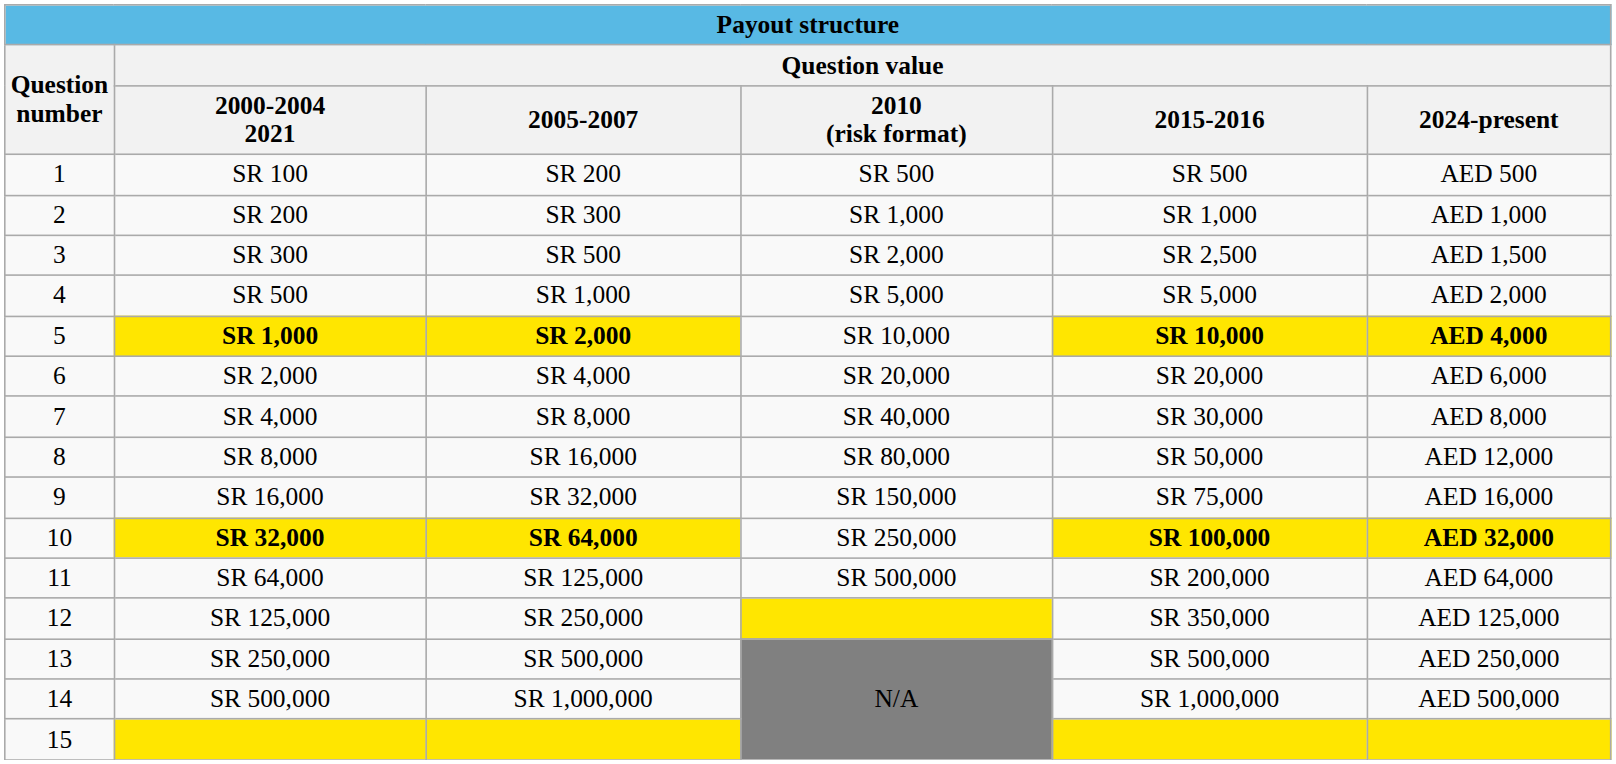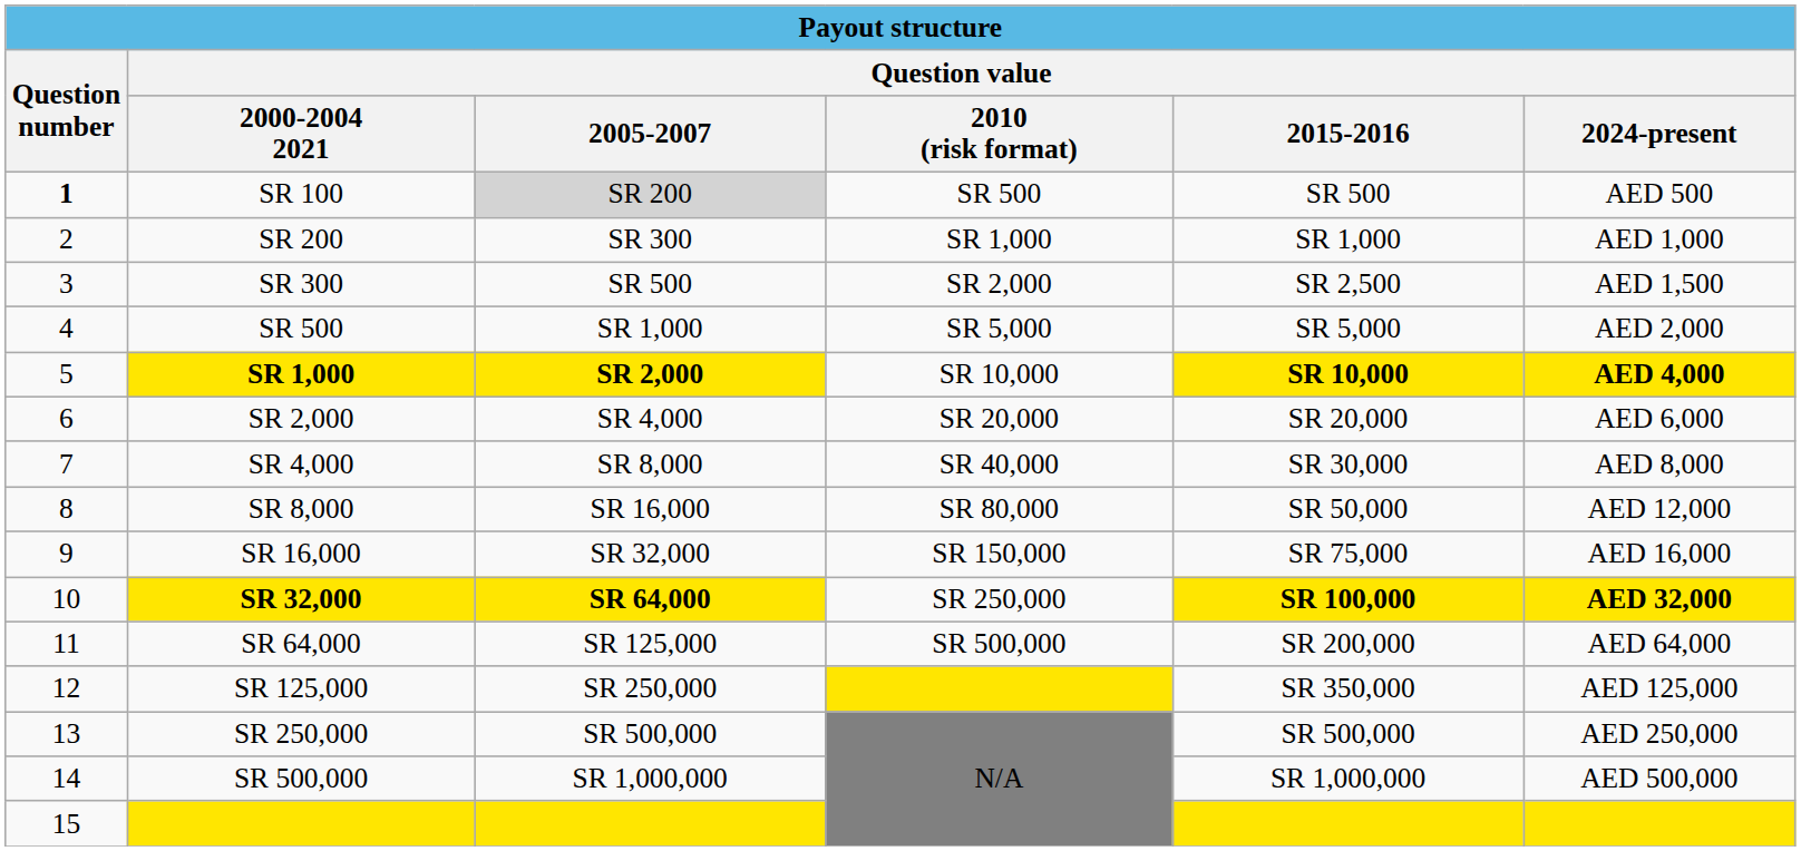 <table class="wikitable" style="text-align:center; border:1px;; cellpadding:2; cellspacing:0; width:80%;">
 <tr>
 <th colspan="6" style="background: #58B9E4">Payout structure</th>
 </tr>
 <tr>
 <th rowspan="2">Question number</th>
 <th colspan="5">Question value</th>
 </tr>
 <tr>
 <th style="width: 21%">2000-2004<br>2021</th>
 <th style="width: 21%">2005-2007</th>
 <th style="width: 21%">2010<br>(risk format)</th>
 <th style="width: 21%">2015-2016</th>
 <th style="width: 21%">2024-present</th>
 </tr>
 <tr>
-<td>1</td>
+<td><strong>1</strong></td>
 <td>SR 100</td>
-<td>SR 200</td>
+<td style="background: lightgrey;">SR 200</td>
 <td>SR 500</td>
 <td>SR 500</td>
 <td>AED 500</td>
 </tr>
 <tr>
 <td>2</td>
 <td>SR 200</td>
 <td>SR 300</td>
 <td>SR 1,000</td>
 <td>SR 1,000</td>
 <td>AED 1,000</td>
 </tr>
 <tr>
 <td>3</td>
 <td>SR 300</td>
 <td>SR 500</td>
 <td>SR 2,000</td>
 <td>SR 2,500</td>
 <td>AED 1,500</td>
 </tr>
 <tr>
 <td>4</td>
 <td>SR 500</td>
 <td>SR 1,000</td>
 <td>SR 5,000</td>
 <td>SR 5,000</td>
 <td>AED 2,000</td>
 </tr>
 <tr>
 <td>5</td>
 <td style="background: #FFE600"><strong>SR 1,000</strong></td>
 <td style="background: #FFE600"><strong>SR 2,000</strong></td>
 <td>SR 10,000</td>
 <td style="background: #FFE600"><strong>SR 10,000</strong></td>
 <td style="background: #FFE600"><strong>AED 4,000</strong></td>
 </tr>
 <tr>
 <td>6</td>
 <td>SR 2,000</td>
 <td>SR 4,000</td>
 <td>SR 20,000</td>
 <td>SR 20,000</td>
 <td>AED 6,000</td>
 </tr>
 <tr>
 <td>7</td>
 <td>SR 4,000</td>
 <td>SR 8,000</td>
 <td>SR 40,000</td>
 <td>SR 30,000</td>
 <td>AED 8,000</td>
 </tr>
 <tr>
 <td>8</td>
 <td>SR 8,000</td>
 <td>SR 16,000</td>
 <td>SR 80,000</td>
 <td>SR 50,000</td>
 <td>AED 12,000</td>
 </tr>
 <tr>
 <td>9</td>
 <td>SR 16,000</td>
 <td>SR 32,000</td>
 <td>SR 150,000</td>
 <td>SR 75,000</td>
 <td>AED 16,000</td>
 </tr>
 <tr>
 <td>10</td>
 <td style="background: #FFE600"><strong>SR 32,000</strong></td>
 <td style="background: #FFE600"><strong>SR 64,000</strong></td>
 <td>SR 250,000</td>
 <td style="background: #FFE600"><strong>SR 100,000</strong></td>
 <td style="background: #FFE600"><strong>AED 32,000</strong></td>
 </tr>
 <tr>
 <td>11</td>
 <td>SR 64,000</td>
 <td>SR 125,000</td>
 <td>SR 500,000</td>
 <td>SR 200,000</td>
 <td>AED 64,000</td>
 </tr>
 <tr>
 <td>12</td>
 <td>SR 125,000</td>
 <td>SR 250,000</td>
 <td style="background: #FFE600"><strong></strong></td>
 <td>SR 350,000</td>
 <td>AED 125,000</td>
 </tr>
 <tr>
 <td>13</td>
 <td>SR 250,000</td>
 <td>SR 500,000</td>
 <td style="background: #808080" rowspan="3">N/A</td>
 <td>SR 500,000</td>
 <td>AED 250,000</td>
 </tr>
 <tr>
 <td>14</td>
 <td>SR 500,000</td>
 <td>SR 1,000,000</td>
 <td>SR 1,000,000</td>
 <td>AED 500,000</td>
 </tr>
 <tr>
 <td>15</td>
 <td style="background: #FFE600"><strong></strong></td>
 <td style="background: #FFE600"><strong></strong></td>
 <td style="background: #FFE600"><strong></strong></td>
 <td style="background: #FFE600"><strong></strong></td>
 </tr>
 </table>
